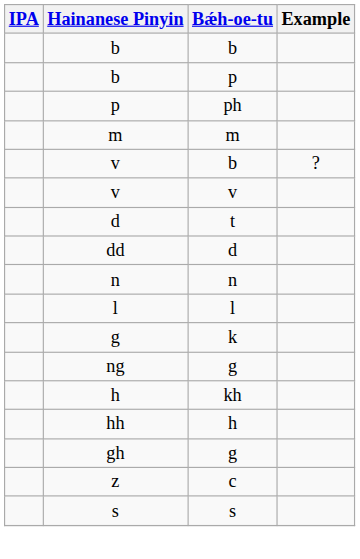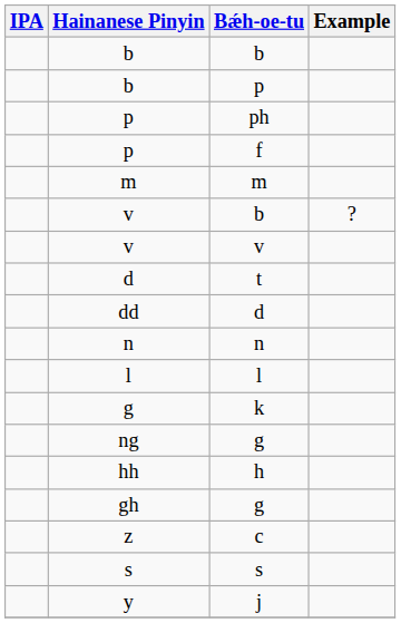 <table class="wikitable" style="text-align: center">
 <tr>
 <th><a href='#'>IPA</a></th>
 <th><a href='#'>Hainanese Pinyin</a></th>
 <th><a href='#'>Bǽh-oe-tu</a></th>
 <th>Example</th>
 </tr>
 <tr>
 <td></td>
 <td>b</td>
 <td>b</td>
 <td></td>
 </tr>
 <tr>
 <td></td>
 <td>b</td>
 <td>p</td>
 <td></td>
 </tr>
 <tr>
 <td></td>
 <td>p</td>
 <td>ph</td>
+<td></td>
+</tr>
+<tr>
+<td></td>
+<td>p</td>
+<td>f</td>
 <td></td>
 </tr>
 <tr>
 <td></td>
 <td>m</td>
 <td>m</td>
 <td></td>
 </tr>
 <tr>
 <td></td>
 <td>v</td>
 <td>b</td>
 <td>?</td>
 </tr>
 <tr>
 <td></td>
 <td>v</td>
 <td>v</td>
 <td></td>
 </tr>
 <tr>
 <td></td>
 <td>d</td>
 <td>t</td>
 <td></td>
 </tr>
 <tr>
 <td></td>
 <td>dd</td>
 <td>d</td>
 <td></td>
 </tr>
 <tr>
 <td></td>
 <td>n</td>
 <td>n</td>
 <td></td>
 </tr>
 <tr>
 <td></td>
 <td>l</td>
 <td>l</td>
 <td></td>
 </tr>
 <tr>
 <td></td>
 <td>g</td>
 <td>k</td>
 <td></td>
 </tr>
 <tr>
 <td></td>
 <td>ng</td>
 <td>g</td>
 <td></td>
 </tr>
 <tr>
 <td></td>
-<td>h</td>
-<td>kh</td>
-<td></td>
-</tr>
-<tr>
-<td></td>
 <td>hh</td>
 <td>h</td>
 <td></td>
 </tr>
 <tr>
 <td></td>
 <td>gh</td>
 <td>g</td>
 <td></td>
 </tr>
 <tr>
 <td></td>
 <td>z</td>
 <td>c</td>
 <td></td>
 </tr>
 <tr>
 <td></td>
 <td>s</td>
 <td>s</td>
 <td></td>
 </tr>
 <tr>
+<td></td>
+<td>y</td>
+<td>j</td>
+<td></td>
+</tr>
+<tr>
 </tr>
 </table>
